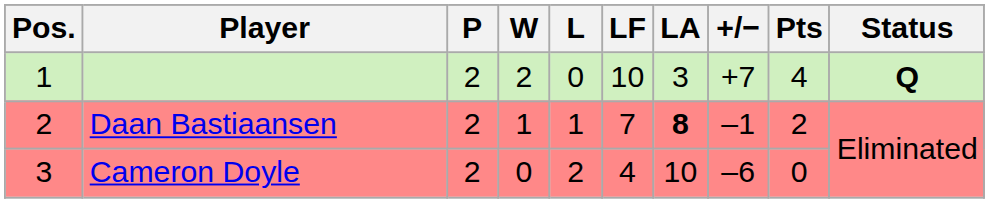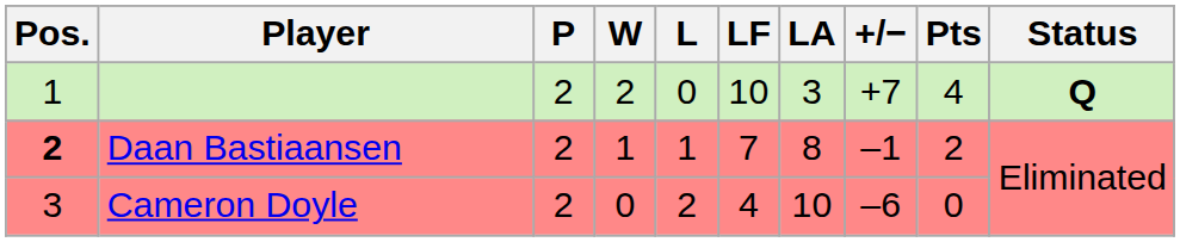 <table class="wikitable" style="text-align:center; margin: 1em auto 1em auto, align:left">
 <tr>
 <th width=20>Pos.</th>
 <th width=185>Player</th>
 <th width=20>P</th>
 <th width=20>W</th>
 <th width=20>L</th>
 <th width=20>LF</th>
 <th width=20>LA</th>
 <th width=25>+/−</th>
 <th width=20>Pts</th>
 <th width=70>Status</th>
 </tr>
 <tr style="background:#D0F0C0;">
 <td>1</td>
 <td align=left></td>
 <td>2</td>
 <td>2</td>
 <td>0</td>
 <td>10</td>
 <td>3</td>
 <td>+7</td>
 <td>4</td>
 <td><strong>Q</strong></td>
 </tr>
 <tr style="background:#FF8888;">
-<td>2</td>
+<td><strong>2</strong></td>
 <td align=left> <a href='#'>Daan Bastiaansen</a></td>
 <td>2</td>
 <td>1</td>
 <td>1</td>
 <td>7</td>
-<td><strong>8</strong></td>
+<td>8</td>
 <td>–1</td>
 <td>2</td>
 <td rowspan=2>Eliminated</td>
 </tr>
 <tr style="background:#FF8888;">
 <td>3</td>
 <td align=left> <a href='#'>Cameron Doyle</a></td>
 <td>2</td>
 <td>0</td>
 <td>2</td>
 <td>4</td>
 <td>10</td>
 <td>–6</td>
 <td>0</td>
 </tr>
 </table>
